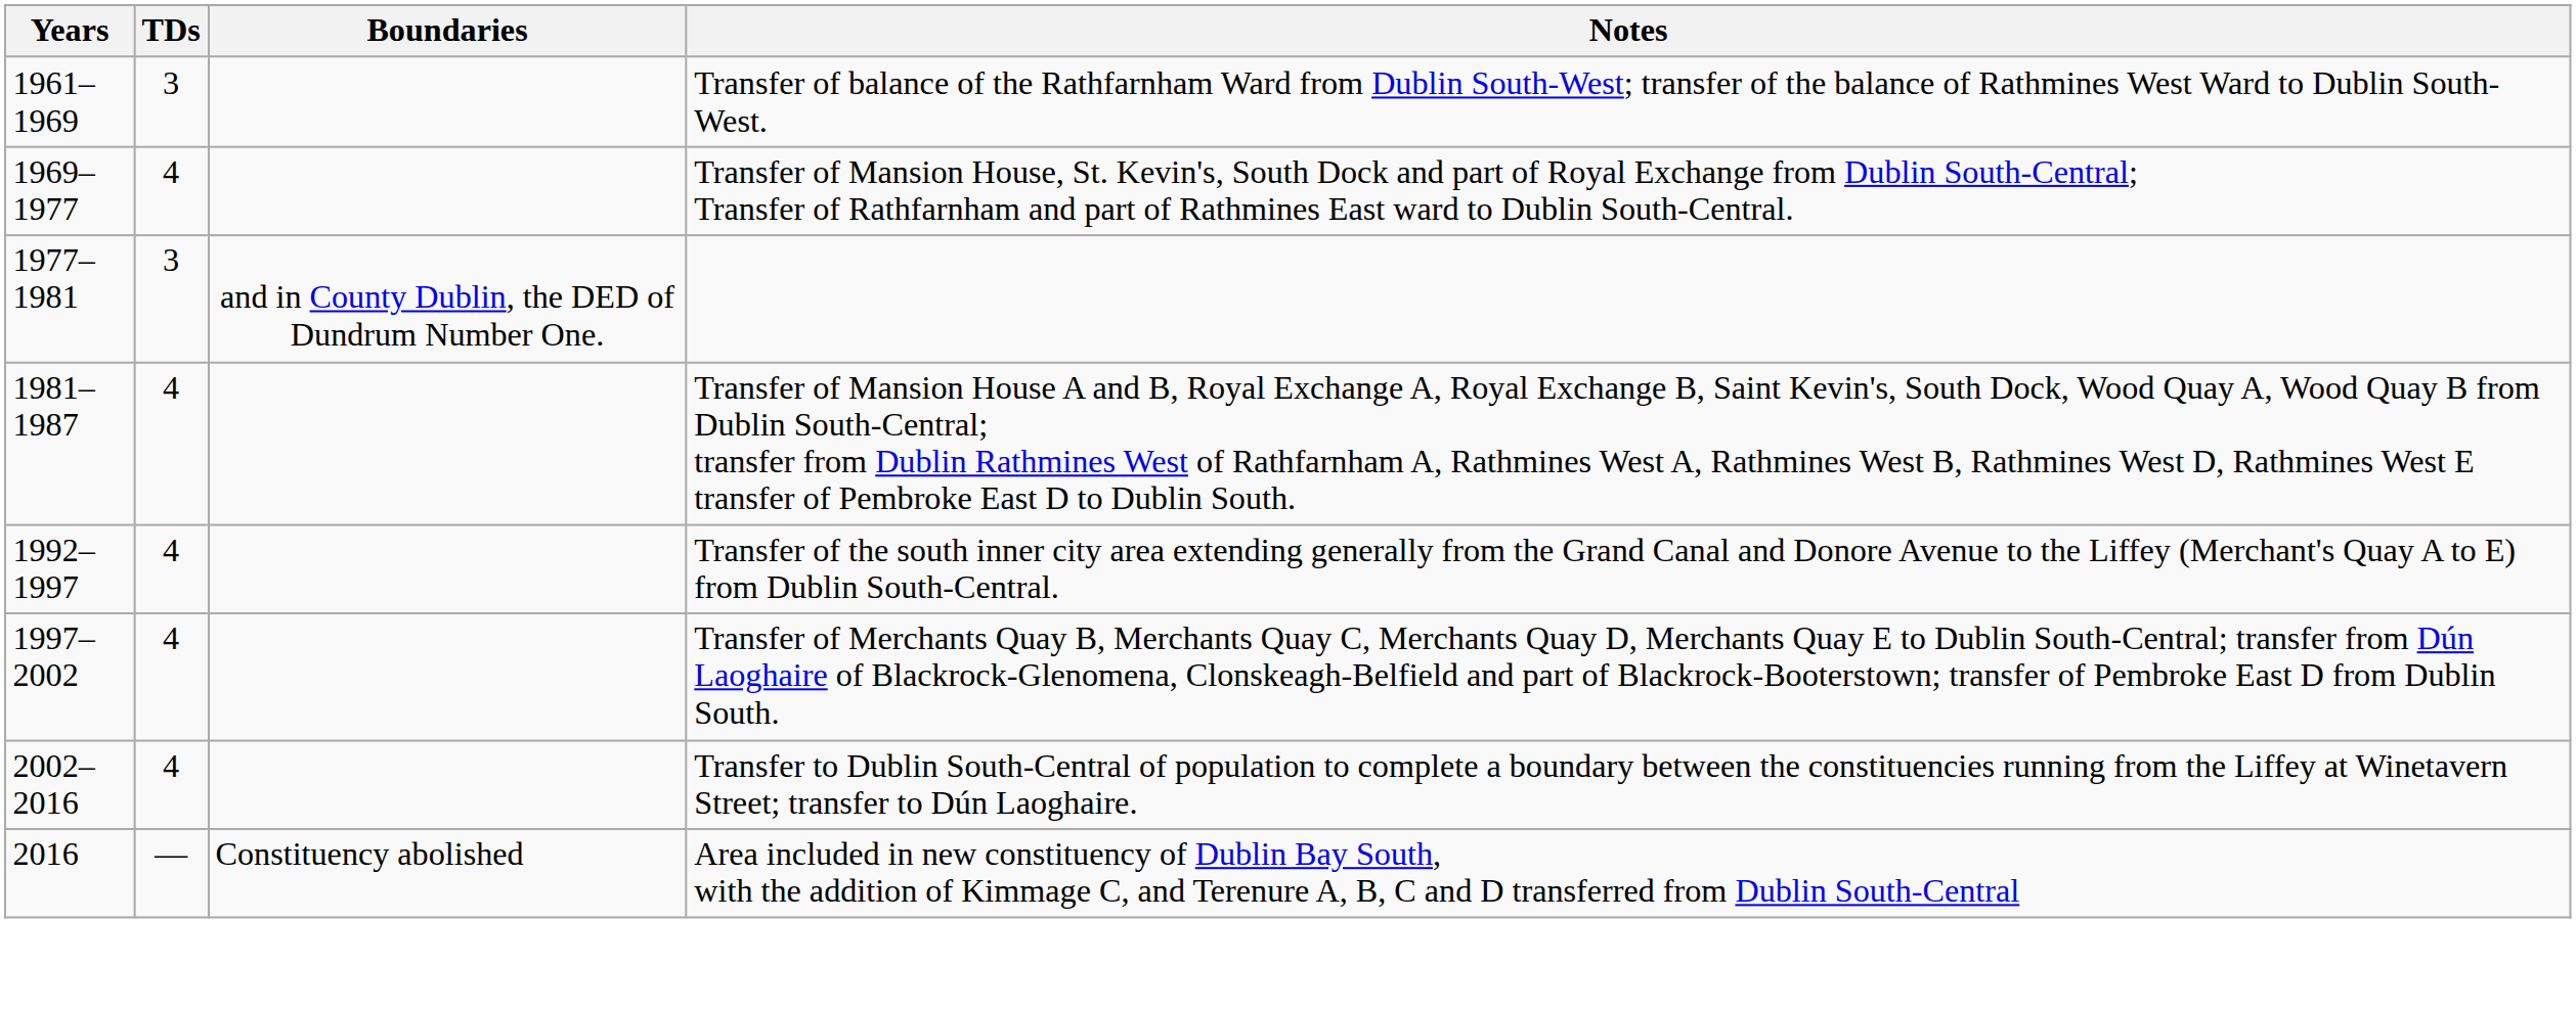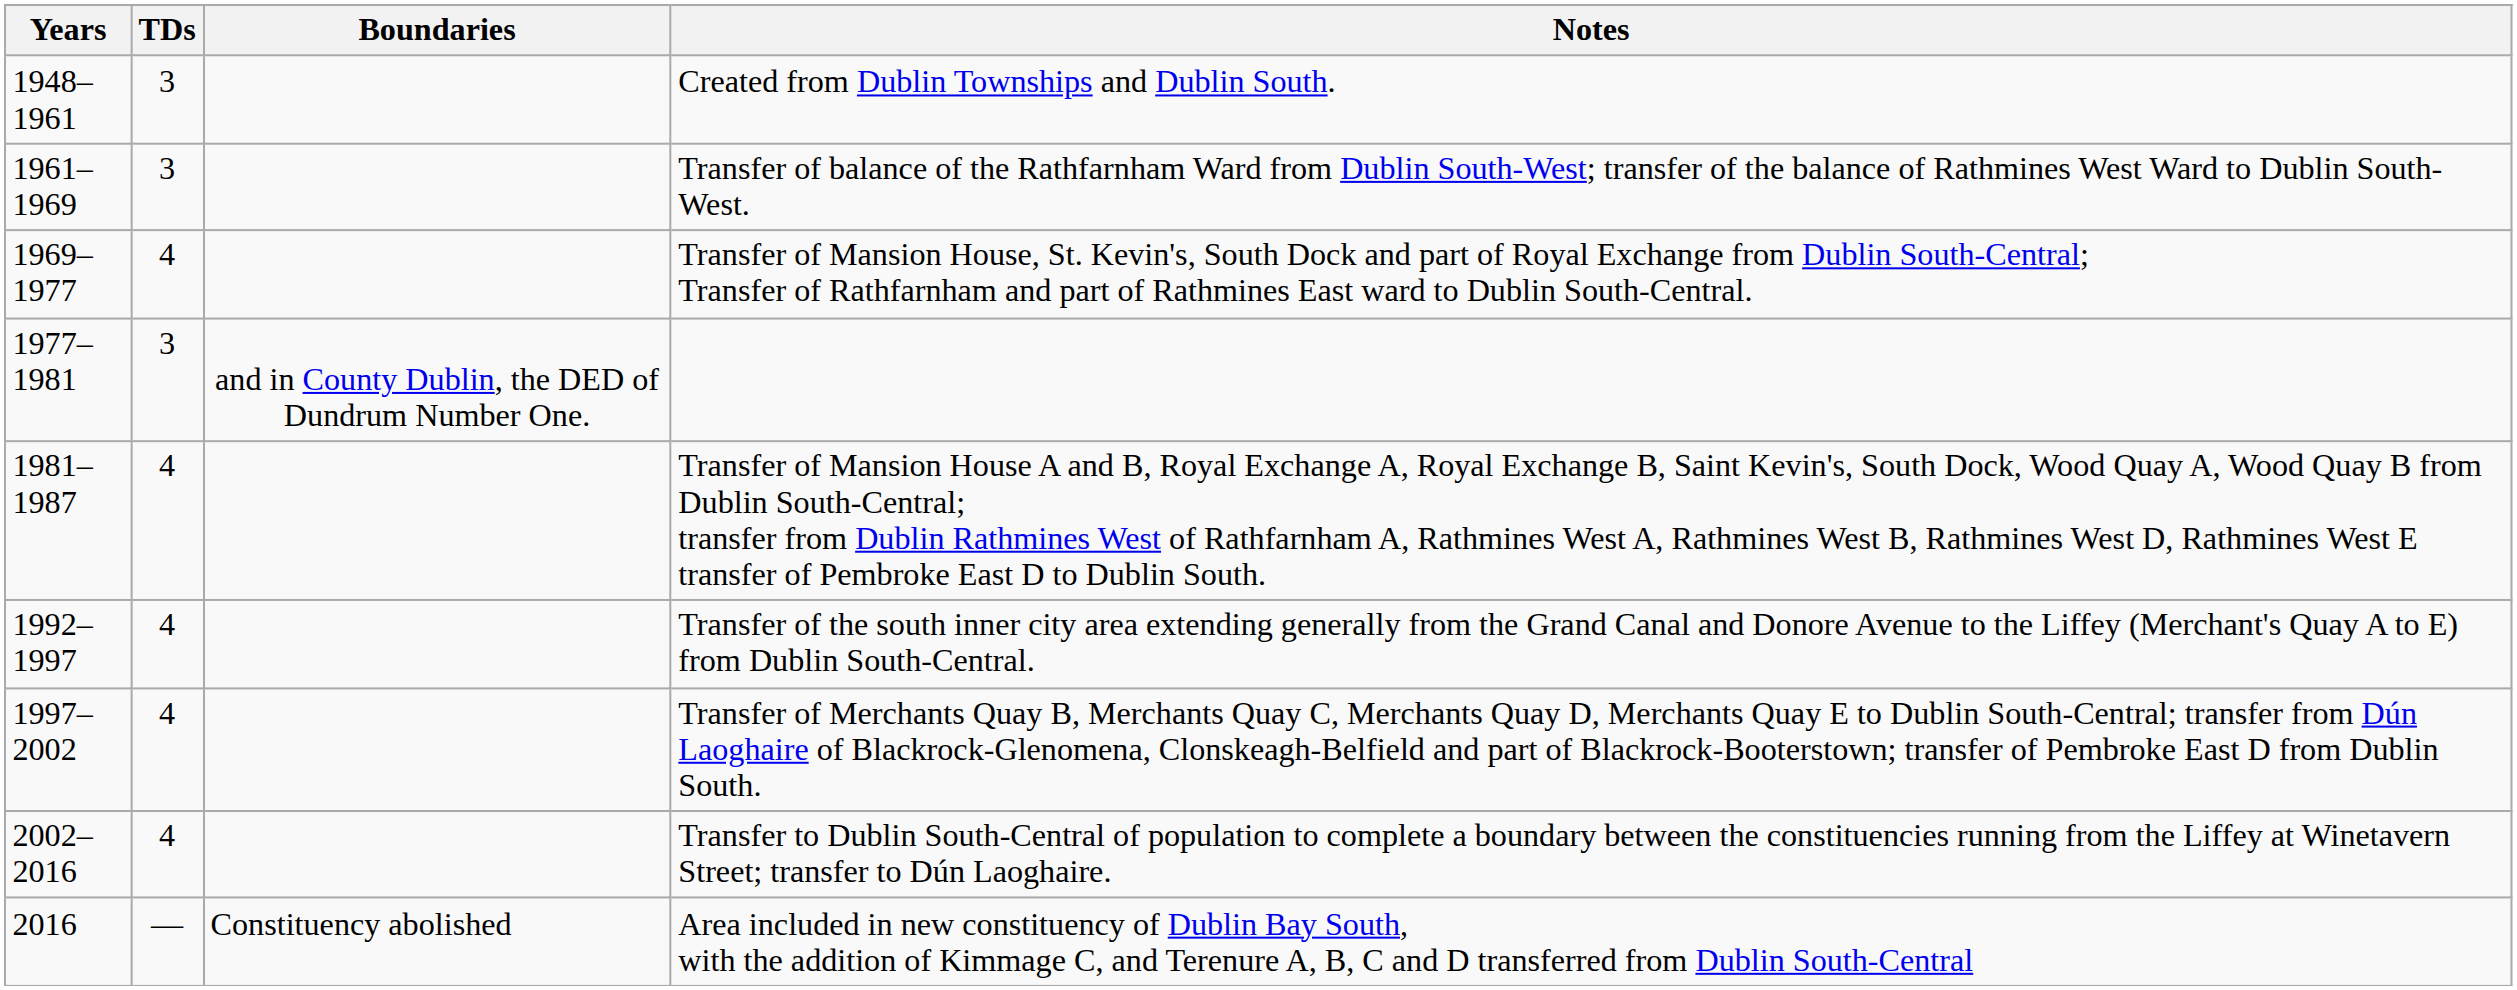 <table class="wikitable">
 <tr>
 </tr>
 <tr>
 <th>Years</th>
 <th>TDs</th>
 <th>Boundaries</th>
 <th>Notes</th>
+</tr>
+<tr style="vertical-align:top">
+<td>1948–1961</td>
+<td style="text-align:center">3</td>
+<td></td>
+<td>Created from <a href='#'>Dublin Townships</a> and <a href='#'>Dublin South</a>.</td>
 </tr>
 <tr style="vertical-align:top">
 <td>1961–1969</td>
 <td style="text-align:center">3</td>
 <td></td>
 <td>Transfer of balance of the Rathfarnham Ward from <a href='#'>Dublin South-West</a>; transfer of the balance of Rathmines West Ward to Dublin South-West.</td>
 </tr>
 <tr style="vertical-align:top">
 <td>1969–1977</td>
 <td style="text-align:center">4</td>
 <td></td>
 <td>Transfer of Mansion House, St. Kevin's, South Dock and part of Royal Exchange from <a href='#'>Dublin South-Central</a>;<br>Transfer of Rathfarnham and part of Rathmines East ward to Dublin South-Central. </td>
 </tr>
 <tr style="vertical-align:top">
 <td>1977–1981</td>
 <td style="text-align:center">3</td>
 <td style="text-align:center"><br>and in <a href='#'>County Dublin</a>, the DED of Dundrum Number One.</td>
 <td></td>
 </tr>
 <tr style="vertical-align:top">
 <td>1981–1987</td>
 <td style="text-align:center">4</td>
 <td></td>
 <td>Transfer of Mansion House A and B, Royal Exchange A, Royal Exchange B, Saint Kevin's, South Dock, Wood Quay A, Wood Quay B from Dublin South-Central;<br>transfer from <a href='#'>Dublin Rathmines West</a> of Rathfarnham A, Rathmines West A, Rathmines West B, Rathmines West D, Rathmines West E<br>transfer of Pembroke East D to Dublin South.</td>
 </tr>
 <tr style="vertical-align:top">
 <td>1992–1997</td>
 <td style="text-align:center">4</td>
 <td></td>
 <td>Transfer of the south inner city area extending generally from the Grand Canal and Donore Avenue to the Liffey (Merchant's Quay A to E) from Dublin South-Central.</td>
 </tr>
 <tr style="vertical-align:top">
 <td>1997–2002</td>
 <td style="text-align:center">4</td>
 <td><br></td>
 <td>Transfer of Merchants Quay B, Merchants Quay C, Merchants Quay D, Merchants Quay E to Dublin South-Central; transfer from <a href='#'>Dún Laoghaire</a> of Blackrock-Glenomena, Clonskeagh-Belfield and part of Blackrock-Booterstown; transfer of Pembroke East D from Dublin South.</td>
 </tr>
 <tr style="vertical-align:top">
 <td>2002–2016</td>
 <td style="text-align:center">4</td>
 <td></td>
 <td>Transfer to Dublin South-Central of population to complete a boundary between the constituencies running from the Liffey at Winetavern Street; transfer to Dún Laoghaire.</td>
 </tr>
 <tr style="vertical-align:top">
 <td>2016</td>
 <td style="text-align:center">—</td>
 <td>Constituency abolished</td>
 <td>Area included in new constituency of <a href='#'>Dublin Bay South</a>,<br>with the addition of Kimmage C, and Terenure A, B, C and D transferred from <a href='#'>Dublin South-Central</a></td>
 </tr>
 </table>
